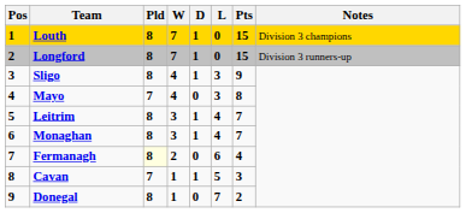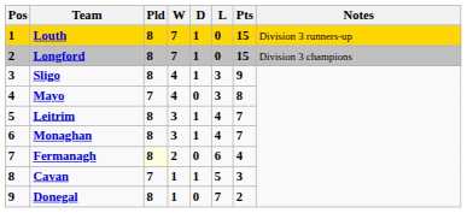 <table class="wikitable" style="text-align: centre;">
 <tr>
 <th width=20>Pos</th>
 <th width=135>Team</th>
 <th width=20>Pld</th>
 <th width=20>W</th>
 <th width=20>D</th>
 <th width=20>L</th>
 <th width=20>Pts</th>
 <th width=250>Notes</th>
 </tr>
 <tr style="background:gold;">
 <td><strong>1</strong></td>
 <td align=left><strong> <a href='#'>Louth</a> </strong></td>
 <td><strong>8</strong></td>
 <td><strong>7</strong></td>
 <td><strong>1</strong></td>
 <td><strong>0</strong></td>
 <td><strong>15</strong></td>
-<td><small>Division 3 champions</small></td>
+<td><small>Division 3 runners-up</small></td>
 </tr>
 <tr style="background:silver;">
 <td><strong>2</strong></td>
 <td align=left><strong> <a href='#'>Longford</a> </strong></td>
 <td><strong>8</strong></td>
 <td><strong>7</strong></td>
 <td><strong>1</strong></td>
 <td><strong>0</strong></td>
 <td><strong>15</strong></td>
-<td><small>Division 3 runners-up</small></td>
+<td><small>Division 3 champions</small></td>
 </tr>
 <tr>
 <td><strong>3</strong></td>
 <td align=left><strong> <a href='#'>Sligo</a> </strong></td>
 <td><strong>8</strong></td>
 <td><strong>4</strong></td>
 <td><strong>1</strong></td>
 <td><strong>3</strong></td>
 <td><strong>9</strong></td>
 </tr>
 <tr>
 <td><strong>4</strong></td>
 <td align=left><strong> <a href='#'>Mayo</a> </strong></td>
 <td><strong>7</strong></td>
 <td><strong>4</strong></td>
 <td><strong>0</strong></td>
 <td><strong>3</strong></td>
 <td><strong>8</strong></td>
 </tr>
 <tr>
 <td><strong>5</strong></td>
 <td align=left><strong> <a href='#'>Leitrim</a> </strong></td>
 <td><strong>8</strong></td>
 <td><strong>3</strong></td>
 <td><strong>1</strong></td>
 <td><strong>4</strong></td>
 <td><strong>7</strong></td>
 </tr>
 <tr>
 <td><strong>6</strong></td>
 <td align=left><strong> <a href='#'>Monaghan</a> </strong></td>
 <td><strong>8</strong></td>
 <td><strong>3</strong></td>
 <td><strong>1</strong></td>
 <td><strong>4</strong></td>
 <td><strong>7</strong></td>
 </tr>
 <tr>
 <td><strong>7</strong></td>
 <td align=left><strong> <a href='#'>Fermanagh</a> </strong></td>
 <td style="background: lightyellow;"><strong>8</strong></td>
 <td><strong>2</strong></td>
 <td><strong>0</strong></td>
 <td><strong>6</strong></td>
 <td><strong>4</strong></td>
 </tr>
 <tr>
 <td><strong>8</strong></td>
 <td align=left><strong> <a href='#'>Cavan</a> </strong></td>
 <td><strong>7</strong></td>
 <td><strong>1</strong></td>
 <td><strong>1</strong></td>
 <td><strong>5</strong></td>
 <td><strong>3</strong></td>
 </tr>
 <tr>
 <td><strong>9</strong></td>
 <td align=left><strong> <a href='#'>Donegal</a> </strong></td>
 <td><strong>8</strong></td>
 <td><strong>1</strong></td>
 <td><strong>0</strong></td>
 <td><strong>7</strong></td>
 <td><strong>2</strong></td>
 </tr>
 </table>
